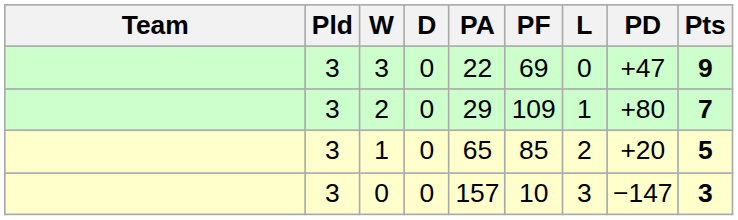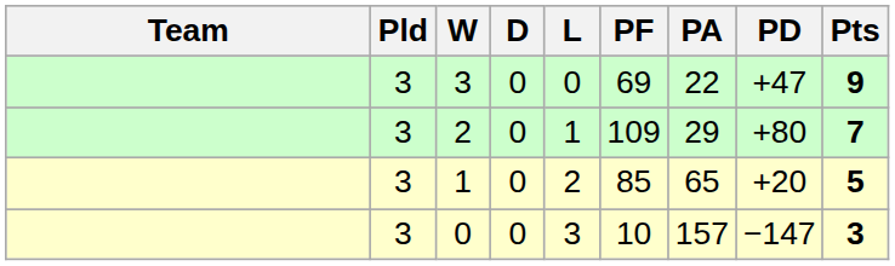 <table class="wikitable" style="text-align:center;">
 <tr>
 <th width=175>Team</th>
 <th width=20 abbr="Played">Pld</th>
 <th width=20 abbr="Won">W</th>
 <th width=20 abbr="Drawn">D</th>
+<th width=20 abbr="Lost">L</th>
+<th width=20 abbr="Points for">PF</th>
 <th width=20 abbr="Points against">PA</th>
-<th width=20 abbr="Points for">PF</th>
-<th width=20 abbr="Lost">L</th>
 <th width=25 abbr="Points difference">PD</th>
 <th width=20 abbr="Points">Pts</th>
 </tr>
 <tr style="background:#ccffcc">
 <td align=left></td>
 <td>3</td>
 <td>3</td>
 <td>0</td>
+<td>0</td>
+<td>69</td>
 <td>22</td>
-<td>69</td>
-<td>0</td>
 <td>+47</td>
 <td><strong>9</strong></td>
 </tr>
 <tr style="background:#ccffcc">
 <td align=left></td>
 <td>3</td>
 <td>2</td>
 <td>0</td>
+<td>1</td>
+<td>109</td>
 <td>29</td>
-<td>109</td>
-<td>1</td>
 <td>+80</td>
 <td><strong>7</strong></td>
 </tr>
 <tr style="background:#ffffcc">
 <td align=left></td>
 <td>3</td>
 <td>1</td>
 <td>0</td>
+<td>2</td>
+<td>85</td>
 <td>65</td>
-<td>85</td>
-<td>2</td>
 <td>+20</td>
 <td><strong>5</strong></td>
 </tr>
 <tr style="background:#ffffcc">
 <td align=left></td>
 <td>3</td>
 <td>0</td>
 <td>0</td>
+<td>3</td>
+<td>10</td>
 <td>157</td>
-<td>10</td>
-<td>3</td>
 <td>−147</td>
 <td><strong>3</strong></td>
 </tr>
 </table>
